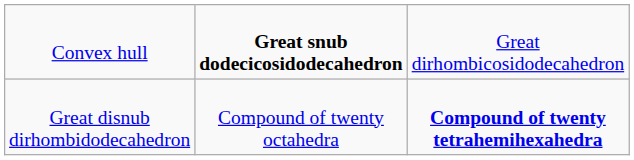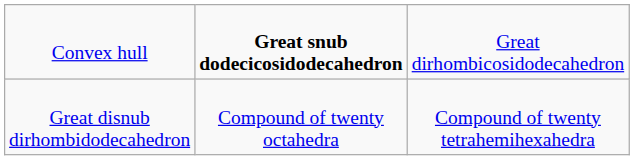 <table class="wikitable" width="400" style="vertical-align:top;text-align:center">
 <tr>
 <td><br><a href='#'>Convex hull</a></td>
 <td><br><strong>Great snub dodecicosidodecahedron</strong></td>
 <td><br><a href='#'>Great dirhombicosidodecahedron</a></td>
 </tr>
 <tr>
 <td><br><a href='#'>Great disnub dirhombidodecahedron</a></td>
 <td><br><a href='#'>Compound of twenty octahedra</a></td>
-<td><strong><br><a href='#'>Compound of twenty tetrahemihexahedra</a></strong></td>
+<td><br><a href='#'>Compound of twenty tetrahemihexahedra</a></td>
 </tr>
 </table>
